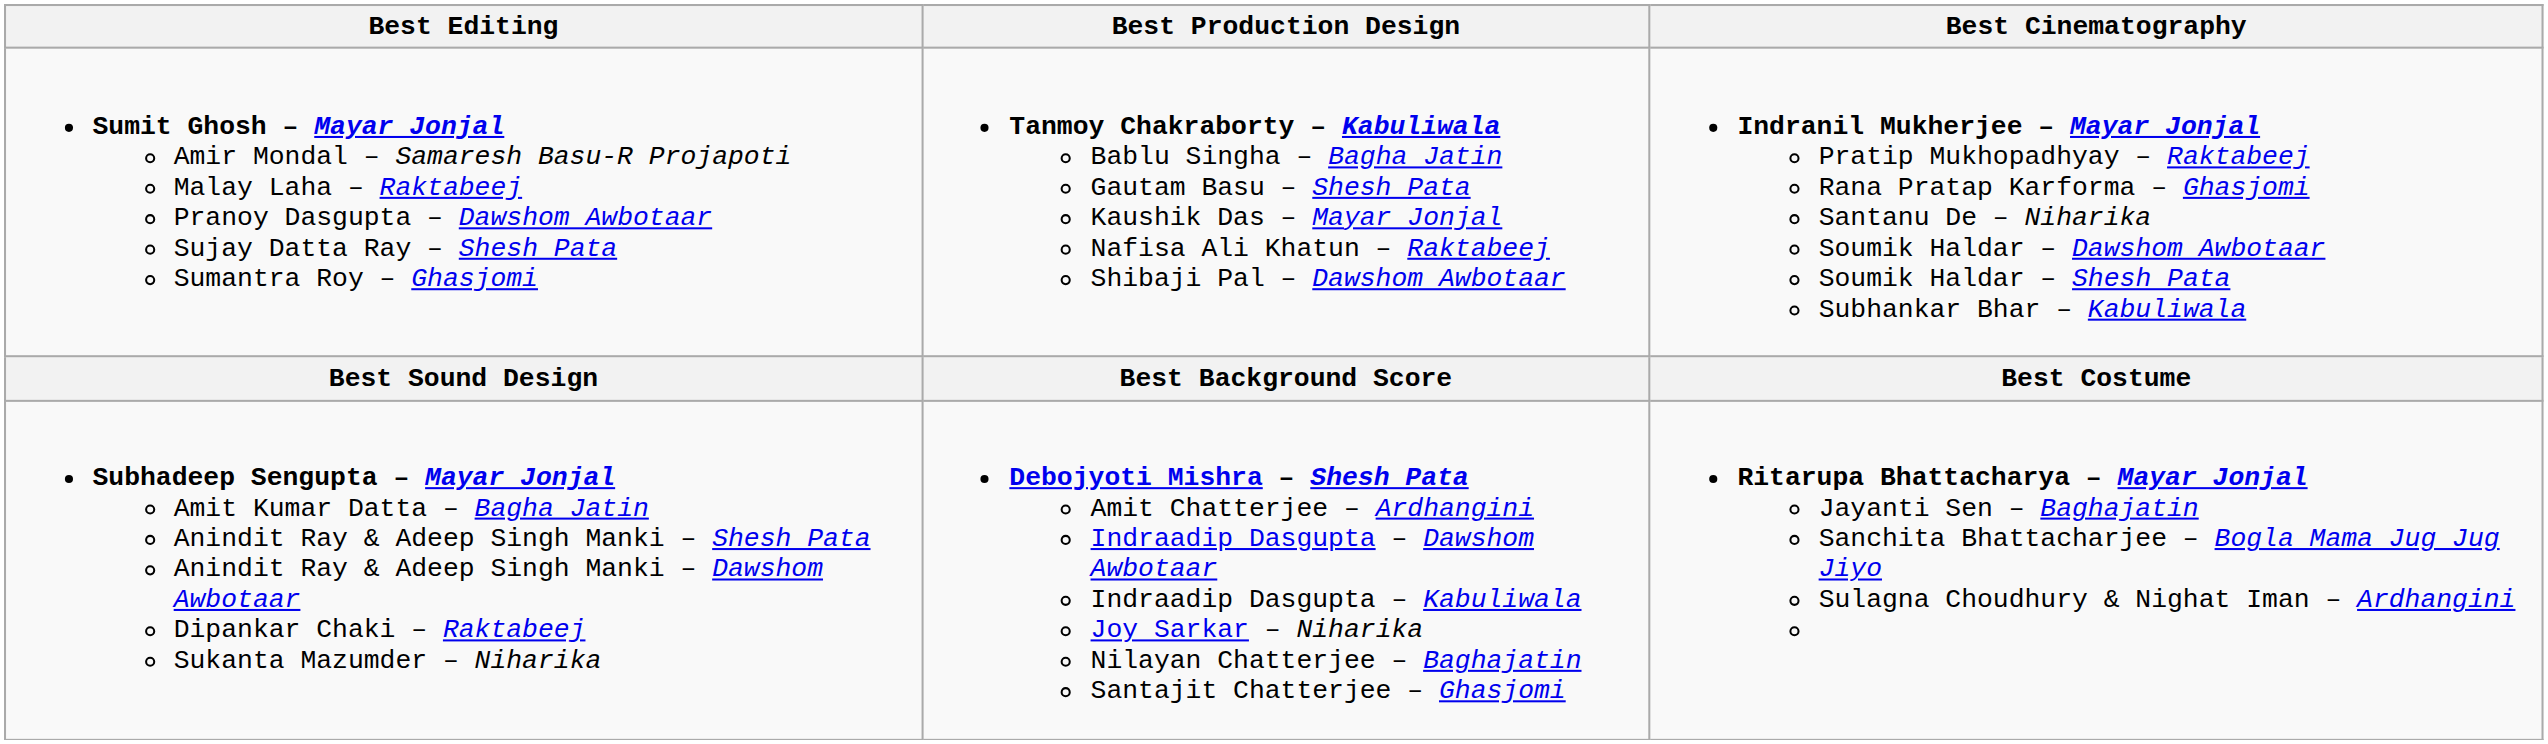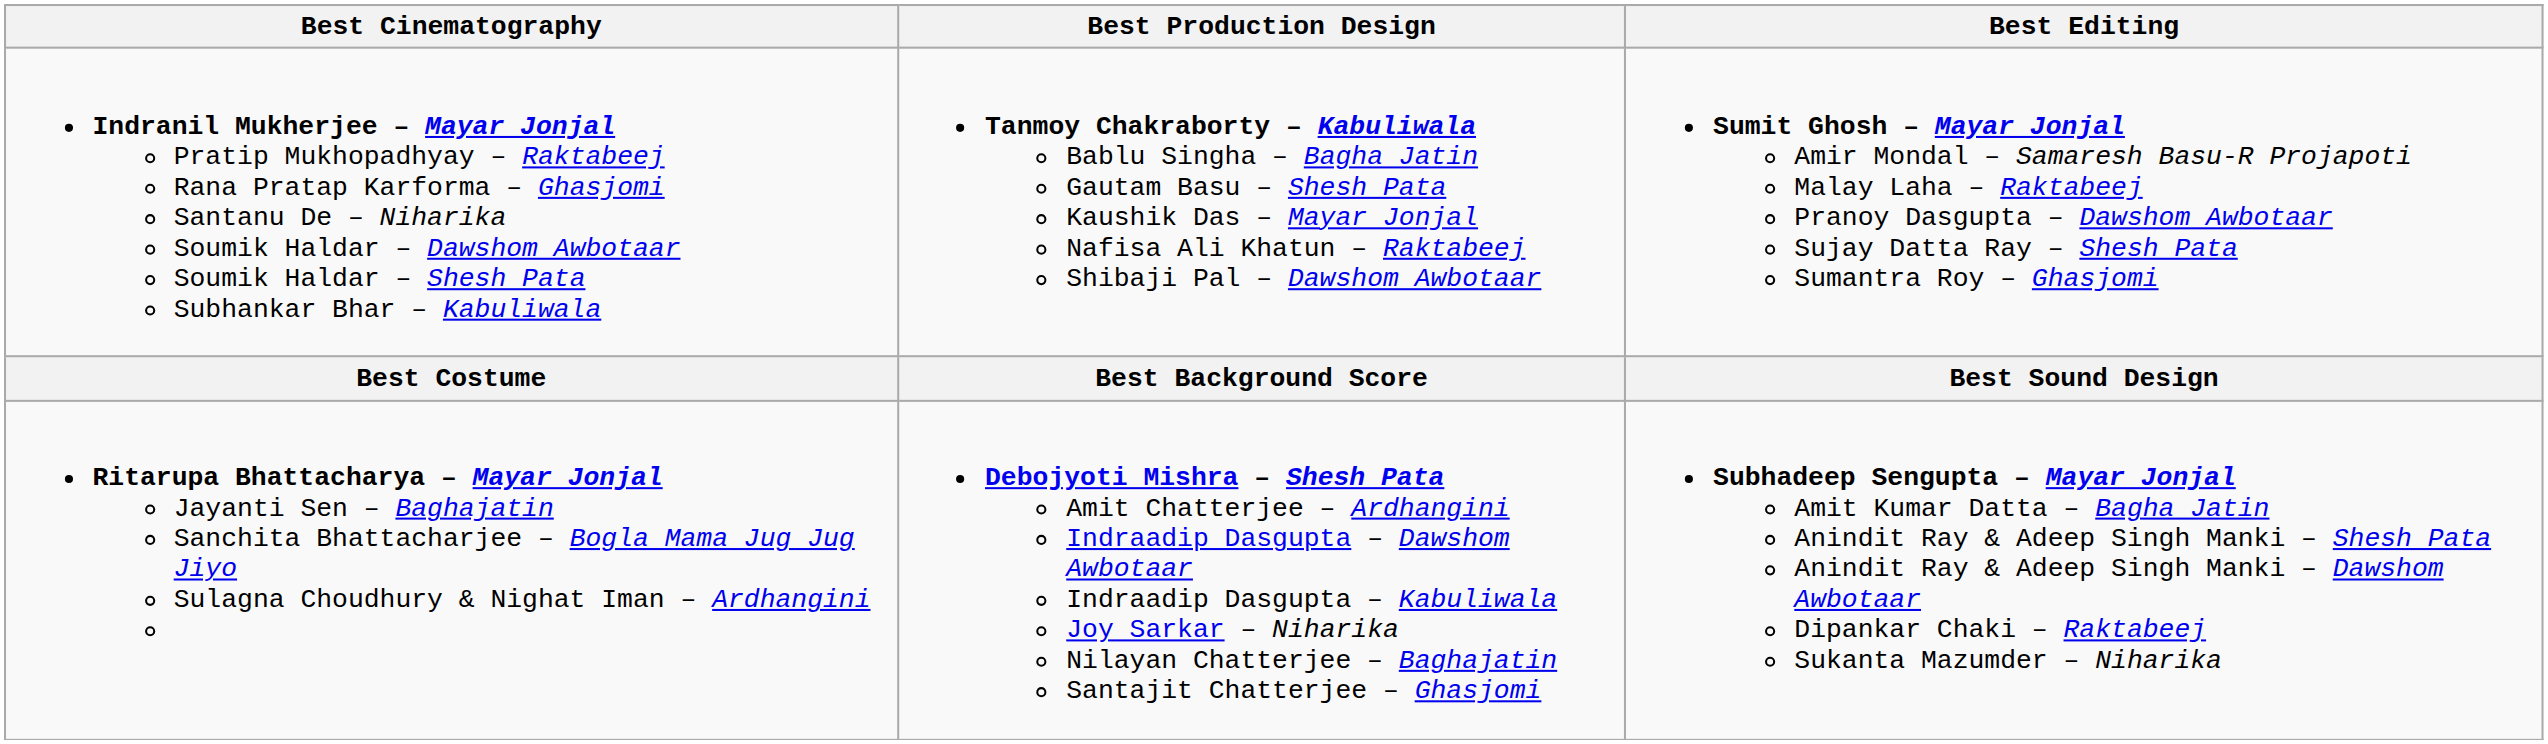 <table class="wikitable">
 <tr>
+<th>Best Cinematography</th>
+<th>Best Production Design</th>
 <th>Best Editing</th>
-<th>Best Production Design</th>
-<th>Best Cinematography</th>
 </tr>
 <tr>
+<td valign=top><br><ul><li><strong>Indranil Mukherjee –</strong> <strong><em><a href='#'>Mayar Jonjal</a></em></strong><ul><li>Pratip Mukhopadhyay – <em><a href='#'>Raktabeej</a></em></li><li>Rana Pratap Karforma – <em><a href='#'>Ghasjomi</a></em></li><li>Santanu De – <em>Niharika</em></li><li>Soumik Haldar – <em><a href='#'>Dawshom Awbotaar</a></em></li><li>Soumik Haldar – <em><a href='#'>Shesh Pata</a></em></li><li>Subhankar Bhar – <em><a href='#'>Kabuliwala</a></em></li></ul></li></ul></td>
+<td valign=top><br><ul><li><strong>Tanmoy Chakraborty –</strong> <strong><em><a href='#'>Kabuliwala</a></em></strong><ul><li>Bablu Singha – <em><a href='#'>Bagha Jatin</a></em></li><li>Gautam Basu – <em><a href='#'>Shesh Pata</a></em></li><li>Kaushik Das – <em><a href='#'>Mayar Jonjal</a></em></li><li>Nafisa Ali Khatun – <em><a href='#'>Raktabeej</a></em></li><li>Shibaji Pal – <em><a href='#'>Dawshom Awbotaar</a></em></li></ul></li></ul></td>
 <td valign=top><br><ul><li><strong>Sumit Ghosh –</strong> <strong><em><a href='#'>Mayar Jonjal</a></em></strong><ul><li>Amir Mondal – <em>Samaresh Basu-R Projapoti</em></li><li>Malay Laha – <em><a href='#'>Raktabeej</a></em></li><li>Pranoy Dasgupta – <em><a href='#'>Dawshom Awbotaar</a></em></li><li>Sujay Datta Ray – <em><a href='#'>Shesh Pata</a></em></li><li>Sumantra Roy – <em><a href='#'>Ghasjomi</a></em></li></ul></li></ul></td>
-<td valign=top><br><ul><li><strong>Tanmoy Chakraborty –</strong> <strong><em><a href='#'>Kabuliwala</a></em></strong><ul><li>Bablu Singha – <em><a href='#'>Bagha Jatin</a></em></li><li>Gautam Basu – <em><a href='#'>Shesh Pata</a></em></li><li>Kaushik Das – <em><a href='#'>Mayar Jonjal</a></em></li><li>Nafisa Ali Khatun – <em><a href='#'>Raktabeej</a></em></li><li>Shibaji Pal – <em><a href='#'>Dawshom Awbotaar</a></em></li></ul></li></ul></td>
-<td valign=top><br><ul><li><strong>Indranil Mukherjee –</strong> <strong><em><a href='#'>Mayar Jonjal</a></em></strong><ul><li>Pratip Mukhopadhyay – <em><a href='#'>Raktabeej</a></em></li><li>Rana Pratap Karforma – <em><a href='#'>Ghasjomi</a></em></li><li>Santanu De – <em>Niharika</em></li><li>Soumik Haldar – <em><a href='#'>Dawshom Awbotaar</a></em></li><li>Soumik Haldar – <em><a href='#'>Shesh Pata</a></em></li><li>Subhankar Bhar – <em><a href='#'>Kabuliwala</a></em></li></ul></li></ul></td>
 </tr>
 <tr>
+<th>Best Costume</th>
+<th>Best Background Score</th>
 <th>Best Sound Design</th>
-<th>Best Background Score</th>
-<th>Best Costume</th>
 </tr>
 <tr>
+<td valign=top><br><ul><li><strong>Ritarupa Bhattacharya –</strong> <strong><em><a href='#'>Mayar Jonjal</a></em></strong><ul><li>Jayanti Sen – <em><a href='#'>Baghajatin</a></em></li><li>Sanchita Bhattacharjee – <em><a href='#'>Bogla Mama Jug Jug Jiyo</a></em></li><li>Sulagna Choudhury & Nighat Iman – <em><a href='#'>Ardhangini</a></em></li><li></li></ul></li></ul></td>
+<td valign=top><br><ul><li><strong><a href='#'>Debojyoti Mishra</a> –</strong> <strong><em><a href='#'>Shesh Pata</a></em></strong><ul><li>Amit Chatterjee – <em><a href='#'>Ardhangini</a></em></li><li><a href='#'>Indraadip Dasgupta</a> – <em><a href='#'>Dawshom Awbotaar</a></em></li><li>Indraadip Dasgupta – <em><a href='#'>Kabuliwala</a></em></li><li><a href='#'>Joy Sarkar</a> – <em>Niharika</em></li><li>Nilayan Chatterjee – <em><a href='#'>Baghajatin</a></em></li><li>Santajit Chatterjee – <em><a href='#'>Ghasjomi</a></em></li></ul></li></ul></td>
 <td valign=top><br><ul><li><strong>Subhadeep Sengupta –</strong> <strong><em><a href='#'>Mayar Jonjal</a></em></strong><ul><li>Amit Kumar Datta – <em><a href='#'>Bagha Jatin</a></em></li><li>Anindit Ray & Adeep Singh Manki – <em><a href='#'>Shesh Pata</a></em></li><li>Anindit Ray & Adeep Singh Manki – <em><a href='#'>Dawshom Awbotaar</a></em></li><li>Dipankar Chaki – <em><a href='#'>Raktabeej</a></em></li><li>Sukanta Mazumder – <em>Niharika</em></li></ul></li></ul></td>
-<td valign=top><br><ul><li><strong><a href='#'>Debojyoti Mishra</a> –</strong> <strong><em><a href='#'>Shesh Pata</a></em></strong><ul><li>Amit Chatterjee – <em><a href='#'>Ardhangini</a></em></li><li><a href='#'>Indraadip Dasgupta</a> – <em><a href='#'>Dawshom Awbotaar</a></em></li><li>Indraadip Dasgupta – <em><a href='#'>Kabuliwala</a></em></li><li><a href='#'>Joy Sarkar</a> – <em>Niharika</em></li><li>Nilayan Chatterjee – <em><a href='#'>Baghajatin</a></em></li><li>Santajit Chatterjee – <em><a href='#'>Ghasjomi</a></em></li></ul></li></ul></td>
-<td valign=top><br><ul><li><strong>Ritarupa Bhattacharya –</strong> <strong><em><a href='#'>Mayar Jonjal</a></em></strong><ul><li>Jayanti Sen – <em><a href='#'>Baghajatin</a></em></li><li>Sanchita Bhattacharjee – <em><a href='#'>Bogla Mama Jug Jug Jiyo</a></em></li><li>Sulagna Choudhury & Nighat Iman – <em><a href='#'>Ardhangini</a></em></li><li></li></ul></li></ul></td>
 </tr>
 </table>
